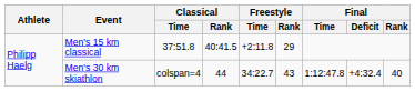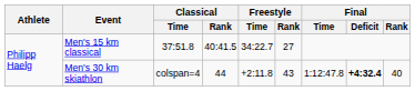 <table class="wikitable" style="font-size:90%">
 <tr>
 <th rowspan=2>Athlete</th>
 <th rowspan=2>Event</th>
 <th colspan=2>Classical</th>
 <th colspan=2>Freestyle</th>
 <th colspan=3>Final</th>
 </tr>
 <tr style="font-size: 95%">
 <th>Time</th>
 <th>Rank</th>
 <th>Time</th>
 <th>Rank</th>
 <th>Time</th>
 <th>Deficit</th>
 <th>Rank</th>
 </tr>
 <tr align=center>
 <td align=left rowspan="2"><a href='#'>Philipp Haelg</a></td>
 <td align=left><a href='#'>Men's 15 km classical</a></td>
 <td>37:51.8</td>
 <td>40:41.5</td>
-<td>+2:11.8</td>
-<td>29</td>
+<td>34:22.7</td>
+<td>27</td>
 </tr>
 <tr align=center>
 <td align=left><a href='#'>Men's 30 km skiathlon</a></td>
 <td>colspan=4 </td>
 <td>44</td>
-<td>34:22.7</td>
+<td>+2:11.8</td>
 <td>43</td>
 <td>1:12:47.8</td>
-<td>+4:32.4</td>
+<td><strong>+4:32.4</strong></td>
 <td>40</td>
 </tr>
 </table>
